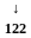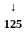 <table style="width:50em; font-weight:bold; text-align:center">
 <tr>
 <td>↓</td>
 </tr>
 <tr>
-<td style="background:">122</td>
+<td style="background:">125</td>
 </tr>
 <tr>
 <td><a href='#'></a></td>
 </tr>
 </table>
